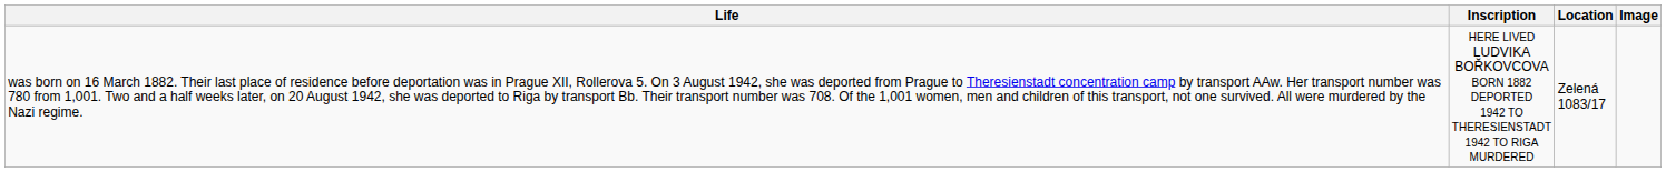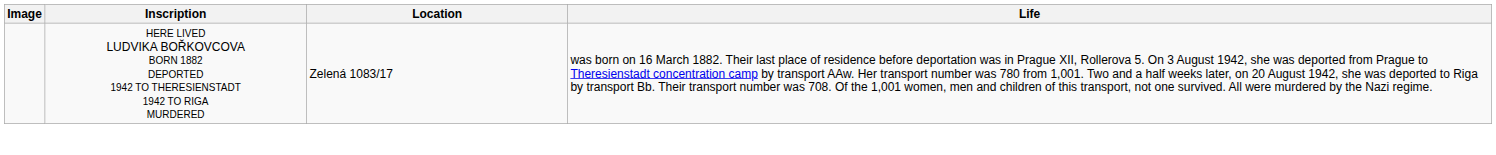 <table class="wikitable sortable toptextcells" style="width:100%">
 <tr>
-<th class="hintergrundfarbe6" data-sort-type="text" style="width:100%;">Life</th>
+<th class="hintergrundfarbe6 unsortable" width="120px">Image</th>
 <th class="hintergrundfarbe6 unsortable" style ="width:18%;">Inscription</th>
 <th class="hintergrundfarbe6" data-sort-type="text" style ="width:18%;">Location</th>
-<th class="hintergrundfarbe6 unsortable" width="120px">Image</th>
+<th class="hintergrundfarbe6" data-sort-type="text" style="width:100%;">Life</th>
 </tr>
 <tr>
-<td><strong></strong> was born on 16 March 1882. Their last place of residence before deportation was in Prague XII, Rollerova 5. On 3 August 1942, she was deported from Prague to <a href='#'>Theresienstadt concentration camp</a> by transport AAw. Her transport number was 780 from 1,001. Two and a half weeks later, on 20 August 1942, she was deported to Riga by transport Bb. Their transport number was 708. Of the 1,001 women, men and children of this transport, not one survived. All were murdered by the Nazi regime.</td>
+<td></td>
 <td style="text-align:center"><div><small>HERE LIVED</small><br>LUDVIKA BOŘKOVCOVA<br><small>BORN 1882<br>DEPORTED<br>1942 TO THERESIENSTADT<br>1942 TO RIGA<br>MURDERED</small></div></td>
 <td>Zelená 1083/17<br></td>
-<td></td>
+<td><strong></strong> was born on 16 March 1882. Their last place of residence before deportation was in Prague XII, Rollerova 5. On 3 August 1942, she was deported from Prague to <a href='#'>Theresienstadt concentration camp</a> by transport AAw. Her transport number was 780 from 1,001. Two and a half weeks later, on 20 August 1942, she was deported to Riga by transport Bb. Their transport number was 708. Of the 1,001 women, men and children of this transport, not one survived. All were murdered by the Nazi regime.</td>
 </tr>
 </table>
